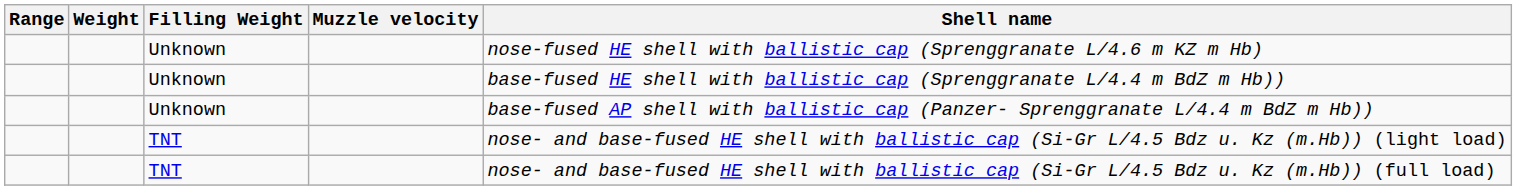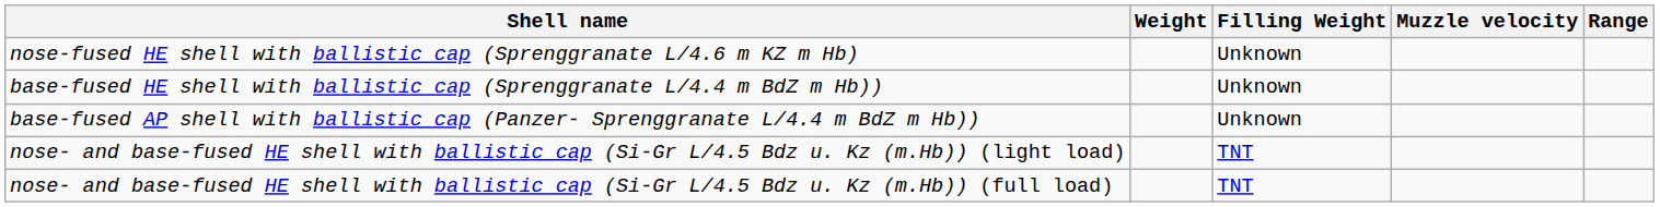 <table class="wikitable" border="1">
 <tr>
-<th>Range</th>
+<th>Shell name</th>
 <th>Weight</th>
 <th>Filling Weight</th>
 <th>Muzzle velocity</th>
-<th>Shell name</th>
+<th>Range</th>
 </tr>
 <tr>
-<td></td>
+<td><em>nose-fused <a href='#'>HE</a> shell with <a href='#'>ballistic cap</a> (Sprenggranate L/4.6 m KZ m Hb)</em></td>
 <td></td>
 <td>Unknown</td>
 <td></td>
-<td><em>nose-fused <a href='#'>HE</a> shell with <a href='#'>ballistic cap</a> (Sprenggranate L/4.6 m KZ m Hb)</em></td>
+<td></td>
 </tr>
 <tr>
-<td></td>
+<td><em>base-fused <a href='#'>HE</a> shell with <a href='#'>ballistic cap</a> (Sprenggranate L/4.4 m BdZ m Hb))</em></td>
 <td></td>
 <td>Unknown</td>
 <td></td>
-<td><em>base-fused <a href='#'>HE</a> shell with <a href='#'>ballistic cap</a> (Sprenggranate L/4.4 m BdZ m Hb))</em></td>
+<td></td>
 </tr>
 <tr>
-<td></td>
+<td><em>base-fused <a href='#'>AP</a> shell with <a href='#'>ballistic cap</a> (Panzer- Sprenggranate L/4.4 m BdZ m Hb))</em></td>
 <td></td>
 <td>Unknown</td>
 <td></td>
-<td><em>base-fused <a href='#'>AP</a> shell with <a href='#'>ballistic cap</a> (Panzer- Sprenggranate L/4.4 m BdZ m Hb))</em></td>
+<td></td>
 </tr>
 <tr>
-<td></td>
+<td><em>nose- and base-fused <a href='#'>HE</a> shell with <a href='#'>ballistic cap</a> (Si-Gr L/4.5 Bdz u. Kz (m.Hb))</em> (light load)</td>
 <td></td>
 <td> <a href='#'>TNT</a></td>
 <td></td>
-<td><em>nose- and base-fused <a href='#'>HE</a> shell with <a href='#'>ballistic cap</a> (Si-Gr L/4.5 Bdz u. Kz (m.Hb))</em> (light load)</td>
+<td></td>
 </tr>
 <tr>
-<td></td>
+<td><em>nose- and base-fused <a href='#'>HE</a> shell with <a href='#'>ballistic cap</a> (Si-Gr L/4.5 Bdz u. Kz (m.Hb))</em> (full load)</td>
 <td></td>
 <td> <a href='#'>TNT</a></td>
 <td></td>
-<td><em>nose- and base-fused <a href='#'>HE</a> shell with <a href='#'>ballistic cap</a> (Si-Gr L/4.5 Bdz u. Kz (m.Hb))</em> (full load)</td>
+<td></td>
 </tr>
 </table>
